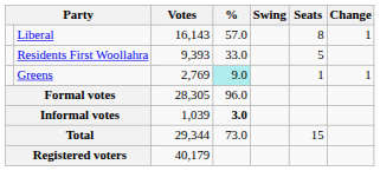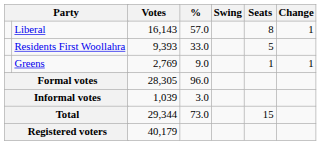 <table class="wikitable" style="text-align:right; margin-bottom:0">
 <tr>
 <th style="width:10px" colspan=3>Party</th>
 <th style="width:70px;">Votes</th>
 <th style="width:40px;">%</th>
 <th style="width:40px;">Swing</th>
 <th style="width:40px;">Seats</th>
 <th style="width:40px;">Change</th>
 </tr>
 <tr>
 <td> </td>
 <td style="text-align:left;" colspan="2"><a href='#'>Liberal</a></td>
 <td>16,143</td>
 <td>57.0</td>
 <td></td>
 <td>8</td>
 <td> 1</td>
 </tr>
 <tr>
 <td> </td>
 <td style="text-align:left;" colspan="2"><a href='#'>Residents First Woollahra</a></td>
 <td>9,393</td>
 <td>33.0</td>
 <td></td>
 <td>5</td>
 <td></td>
 </tr>
 <tr>
 <td> </td>
 <td style="text-align:left;" colspan="2"><a href='#'>Greens</a></td>
 <td>2,769</td>
-<td style="background: paleturquoise;">9.0</td>
+<td>9.0</td>
 <td></td>
 <td>1</td>
 <td> 1</td>
 </tr>
 <tr>
 <th colspan="3" rowspan="1"> Formal votes</th>
 <td>28,305</td>
 <td>96.0</td>
 <td></td>
 <td></td>
 <td></td>
 </tr>
 <tr>
 <th colspan="3" rowspan="1"> Informal votes</th>
 <td>1,039</td>
-<td><strong>3.0</strong></td>
+<td>3.0</td>
 <td></td>
 <td></td>
 <td></td>
 </tr>
 <tr>
 <th colspan="3" rowspan="1"> <strong>Total </strong></th>
 <td>29,344</td>
 <td>73.0</td>
 <td></td>
 <td>15</td>
 <td></td>
 </tr>
 <tr>
 <th colspan="3" rowspan="1"> Registered voters</th>
 <td>40,179</td>
 <td></td>
 <td></td>
 <td></td>
 <td></td>
 </tr>
 </table>
